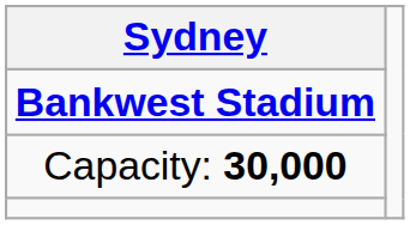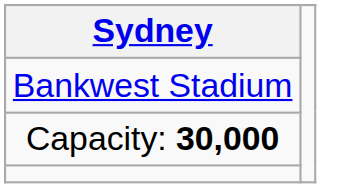 <table class="wikitable" style="text-align:center">
 <tr>
 <th><a href='#'>Sydney</a></th>
 <td rowspan=4></td>
 </tr>
 <tr>
-<td><strong><a href='#'>Bankwest Stadium</a></strong></td>
+<td><a href='#'>Bankwest Stadium</a></td>
 </tr>
 <tr>
 <td>Capacity: <strong>30,000</strong></td>
 </tr>
 <tr>
 <td></td>
 </tr>
 </table>
